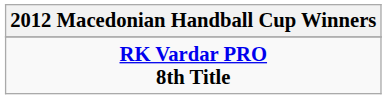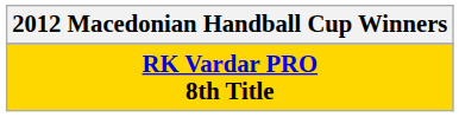 <table class="wikitable" style="text-align: center; margin: 0 auto;">
 <tr>
 <th>2012 Macedonian Handball Cup Winners</th>
 </tr>
 <tr>
 </tr>
 <tr>
-<td><strong><a href='#'>RK Vardar PRO</a></strong><br><strong>8th Title</strong></td>
+<td style="background: gold;"><strong><a href='#'>RK Vardar PRO</a></strong><br><strong>8th Title</strong></td>
 </tr>
 </table>
